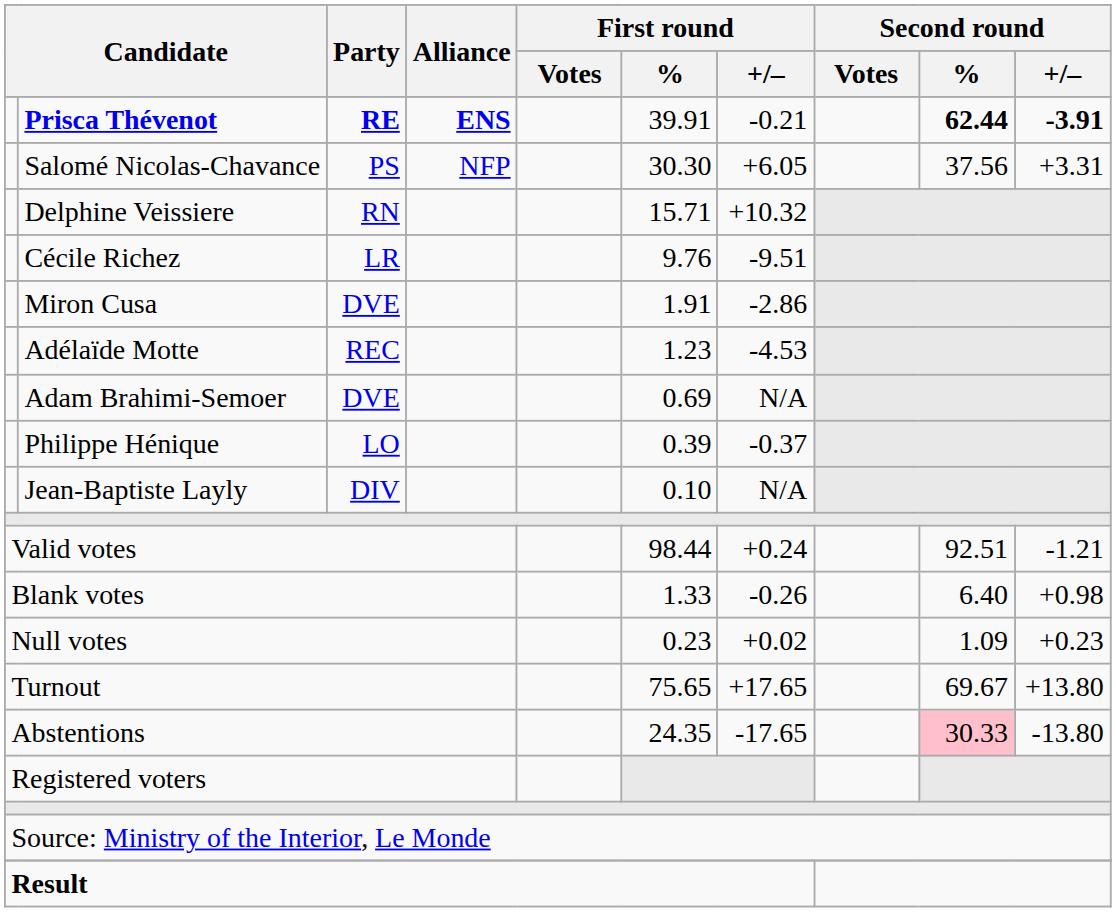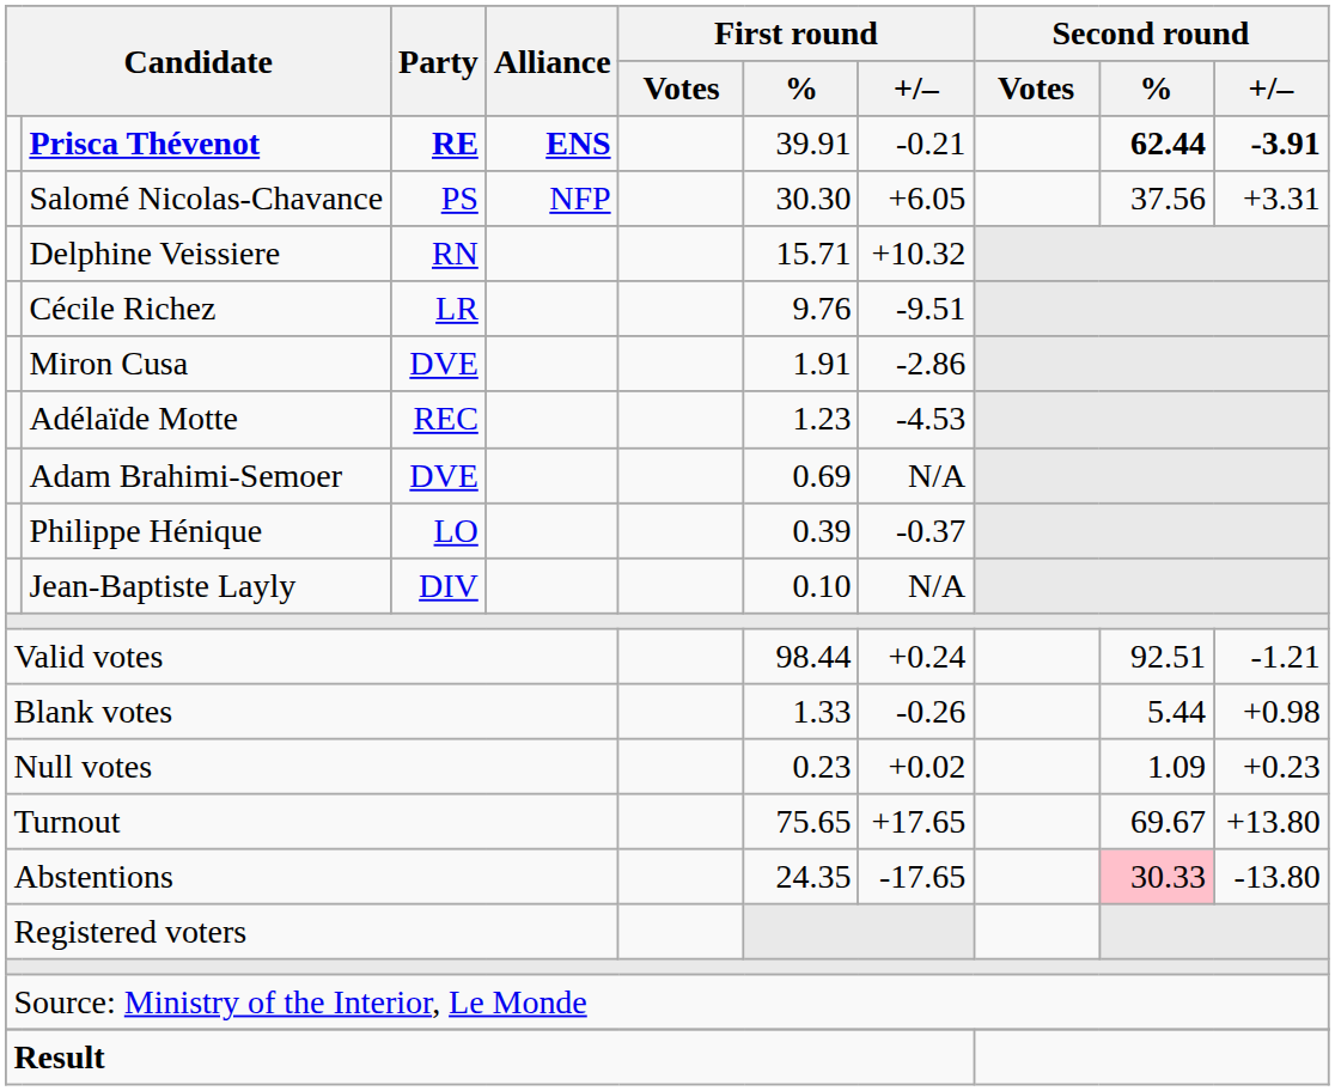 <table class="wikitable" style="text-align:right;font-size:95%;">
 <tr>
 <th rowspan="2" colspan="2">Candidate</th>
 <th rowspan="2">Party</th>
 <th rowspan="2">Alliance</th>
 <th colspan="3">First round</th>
 <th colspan="3">Second round</th>
 </tr>
 <tr>
 <th style="width:50px;">Votes</th>
 <th style="width:45px;">%</th>
 <th style="width:45px;">+/–</th>
 <th style="width:50px;">Votes</th>
 <th style="width:45px;">%</th>
 <th style="width:45px;">+/–</th>
 </tr>
 <tr>
 <td style="color:inherit;background:"></td>
 <td style="text-align:left;"><strong><a href='#'>Prisca Thévenot</a></strong></td>
 <td><a href='#'><strong>RE</strong></a></td>
 <td><a href='#'><strong>ENS</strong></a></td>
 <td></td>
 <td>39.91</td>
 <td>-0.21</td>
 <td><strong></strong></td>
 <td><strong>62.44</strong></td>
 <td><strong>-3.91</strong></td>
 </tr>
 <tr>
 <td style="color:inherit;background:"></td>
 <td style="text-align:left;">Salomé Nicolas-Chavance</td>
 <td><a href='#'>PS</a></td>
 <td><a href='#'>NFP</a></td>
 <td></td>
 <td>30.30</td>
 <td>+6.05</td>
 <td></td>
 <td>37.56</td>
 <td>+3.31</td>
 </tr>
 <tr>
 <td style="color:inherit;background:"></td>
 <td style="text-align:left;">Delphine Veissiere</td>
 <td><a href='#'>RN</a></td>
 <td></td>
 <td></td>
 <td>15.71</td>
 <td>+10.32</td>
 <td colspan="3" style="background:#E9E9E9;"></td>
 </tr>
 <tr>
 <td style="color:inherit;background:"></td>
 <td style="text-align:left;">Cécile Richez</td>
 <td><a href='#'>LR</a></td>
 <td></td>
 <td></td>
 <td>9.76</td>
 <td>-9.51</td>
 <td colspan="3" style="background:#E9E9E9;"></td>
 </tr>
 <tr>
 <td style="color:inherit;background:"></td>
 <td style="text-align:left;">Miron Cusa</td>
 <td><a href='#'>DVE</a></td>
 <td></td>
 <td></td>
 <td>1.91</td>
 <td>-2.86</td>
 <td colspan="3" style="background:#E9E9E9;"></td>
 </tr>
 <tr>
 <td style="color:inherit;background:"></td>
 <td style="text-align:left;">Adélaïde Motte</td>
 <td><a href='#'>REC</a></td>
 <td></td>
 <td></td>
 <td>1.23</td>
 <td>-4.53</td>
 <td colspan="3" style="background:#E9E9E9;"></td>
 </tr>
 <tr>
 <td style="color:inherit;background:"></td>
 <td style="text-align:left;">Adam Brahimi-Semoer</td>
 <td><a href='#'>DVE</a></td>
 <td></td>
 <td></td>
 <td>0.69</td>
 <td>N/A</td>
 <td colspan="3" style="background:#E9E9E9;"></td>
 </tr>
 <tr>
 <td style="color:inherit;background:"></td>
 <td style="text-align:left;">Philippe Hénique</td>
 <td><a href='#'>LO</a></td>
 <td></td>
 <td></td>
 <td>0.39</td>
 <td>-0.37</td>
 <td colspan="3" style="background:#E9E9E9;"></td>
 </tr>
 <tr>
 <td style="color:inherit;background:"></td>
 <td style="text-align:left;">Jean-Baptiste Layly</td>
 <td><a href='#'>DIV</a></td>
 <td></td>
 <td></td>
 <td>0.10</td>
 <td>N/A</td>
 <td colspan="3" style="background:#E9E9E9;"></td>
 </tr>
 <tr>
 <td colspan="10" style="background:#E9E9E9;"></td>
 </tr>
 <tr>
 <td colspan="4" style="text-align:left;">Valid votes</td>
 <td></td>
 <td>98.44</td>
 <td>+0.24</td>
 <td></td>
 <td>92.51</td>
 <td>-1.21</td>
 </tr>
 <tr>
 <td colspan="4" style="text-align:left;">Blank votes</td>
 <td></td>
 <td>1.33</td>
 <td>-0.26</td>
 <td></td>
-<td>6.40</td>
+<td>5.44</td>
 <td>+0.98</td>
 </tr>
 <tr>
 <td colspan="4" style="text-align:left;">Null votes</td>
 <td></td>
 <td>0.23</td>
 <td>+0.02</td>
 <td></td>
 <td>1.09</td>
 <td>+0.23</td>
 </tr>
 <tr>
 <td colspan="4" style="text-align:left;">Turnout</td>
 <td></td>
 <td>75.65</td>
 <td>+17.65</td>
 <td></td>
 <td>69.67</td>
 <td>+13.80</td>
 </tr>
 <tr>
 <td colspan="4" style="text-align:left;">Abstentions</td>
 <td></td>
 <td>24.35</td>
 <td>-17.65</td>
 <td></td>
 <td style="background: pink;">30.33</td>
 <td>-13.80</td>
 </tr>
 <tr>
 <td colspan="4" style="text-align:left;">Registered voters</td>
 <td></td>
 <td colspan="2" style="background:#E9E9E9;"></td>
 <td></td>
 <td colspan="2" style="background:#E9E9E9;"></td>
 </tr>
 <tr>
 <td colspan="10" style="background:#E9E9E9;"></td>
 </tr>
 <tr>
 <td colspan="10" style="text-align:left;">Source: <a href='#'>Ministry of the Interior</a>, <a href='#'>Le Monde</a></td>
 </tr>
 <tr>
 </tr>
 <tr style="font-weight:bold">
 <td colspan="7" style="text-align:left;">Result</td>
 <td colspan="7" style="background-color:"></td>
 </tr>
 </table>
